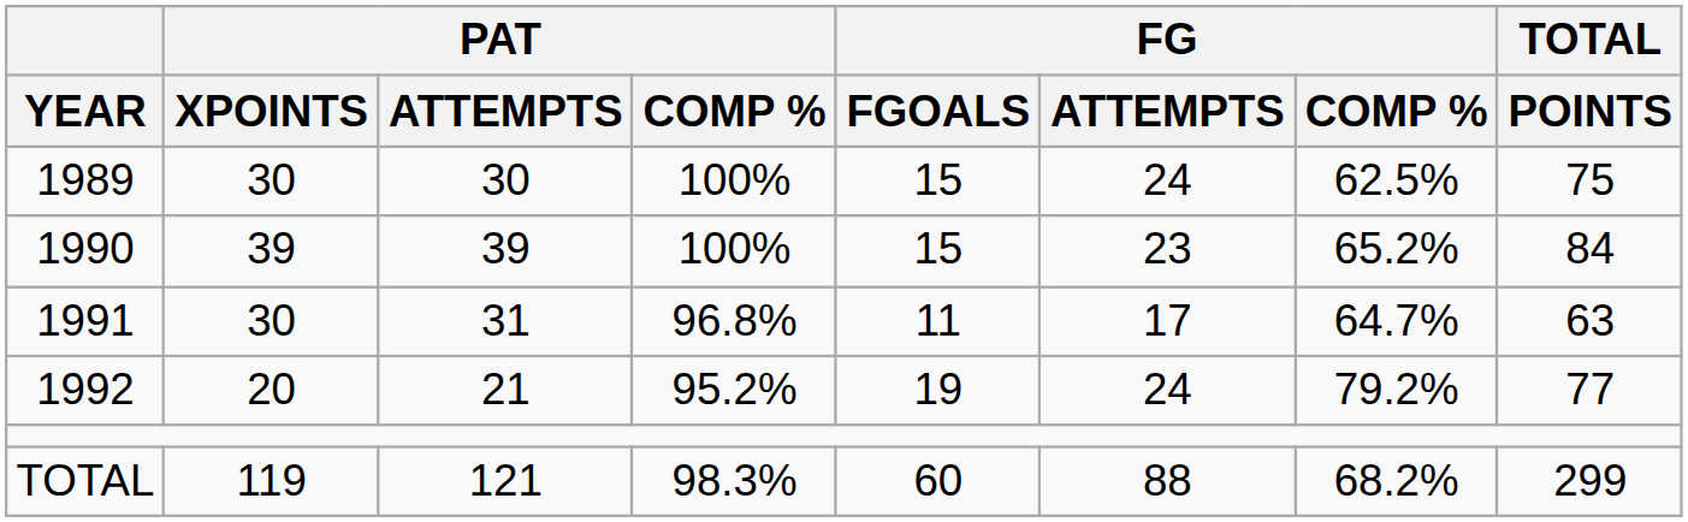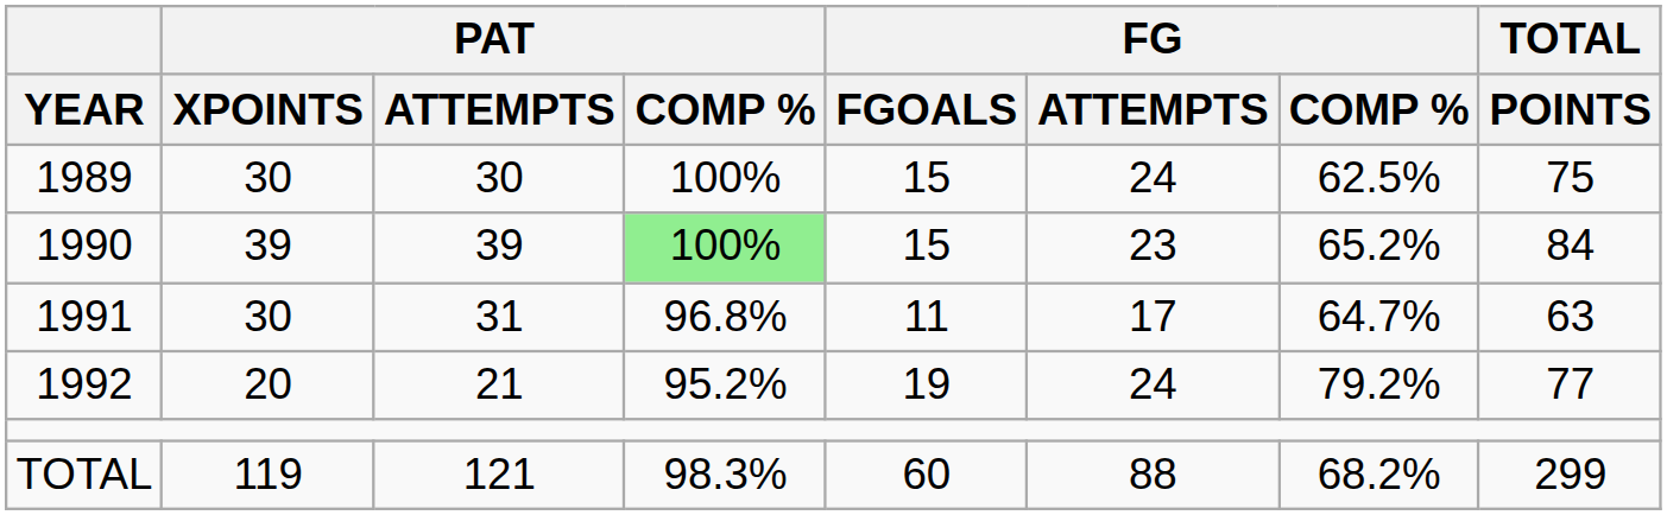 <table class="wikitable" style="text-align:center">
 <tr>
 <th></th>
 <th colspan=3>PAT</th>
 <th colspan=3>FG</th>
 <th colspan=1>TOTAL</th>
 </tr>
 <tr>
 <th>YEAR</th>
 <th>XPOINTS</th>
 <th>ATTEMPTS</th>
 <th>COMP %</th>
 <th>FGOALS</th>
 <th>ATTEMPTS</th>
 <th>COMP %</th>
 <th>POINTS</th>
 </tr>
 <tr>
 <td>1989</td>
 <td>30</td>
 <td>30</td>
 <td>100%</td>
 <td>15</td>
 <td>24</td>
 <td>62.5%</td>
 <td>75</td>
 </tr>
 <tr>
 <td>1990</td>
 <td>39</td>
 <td>39</td>
-<td>100%</td>
+<td style="background: lightgreen;">100%</td>
 <td>15</td>
 <td>23</td>
 <td>65.2%</td>
 <td>84</td>
 </tr>
 <tr>
 <td>1991</td>
 <td>30</td>
 <td>31</td>
 <td>96.8%</td>
 <td>11</td>
 <td>17</td>
 <td>64.7%</td>
 <td>63</td>
 </tr>
 <tr>
 <td>1992</td>
 <td>20</td>
 <td>21</td>
 <td>95.2%</td>
 <td>19</td>
 <td>24</td>
 <td>79.2%</td>
 <td>77</td>
 </tr>
 <tr>
 <td colspan=8></td>
 </tr>
 <tr>
 <td>TOTAL</td>
 <td>119</td>
 <td>121</td>
 <td>98.3%</td>
 <td>60</td>
 <td>88</td>
 <td>68.2%</td>
 <td>299</td>
 </tr>
 </table>
